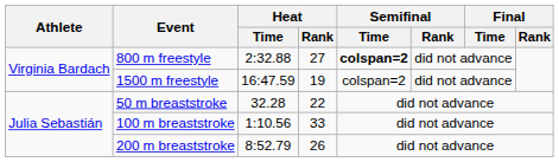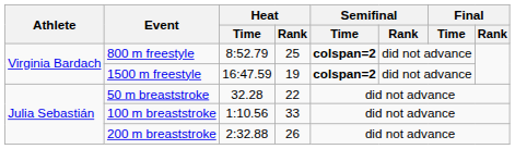 <table class=wikitable style=font-size:90%>
 <tr>
 <th rowspan=2>Athlete</th>
 <th rowspan=2>Event</th>
 <th colspan=2>Heat</th>
 <th colspan=2>Semifinal</th>
 <th colspan=2>Final</th>
 </tr>
 <tr style=font-size:95%>
 <th>Time</th>
 <th>Rank</th>
 <th>Time</th>
 <th>Rank</th>
 <th>Time</th>
 <th>Rank</th>
 </tr>
 <tr align=center>
 <td align=left rowspan=2><a href='#'>Virginia Bardach</a></td>
 <td align=left><a href='#'>800 m freestyle</a></td>
-<td>2:32.88</td>
-<td>27</td>
+<td>8:52.79</td>
+<td>25</td>
 <td><strong>colspan=2 </strong></td>
 <td colspan=2>did not advance</td>
 </tr>
 <tr align=center>
 <td align=left><a href='#'>1500 m freestyle</a></td>
 <td>16:47.59</td>
 <td>19</td>
-<td>colspan=2 </td>
+<td><strong>colspan=2 </strong></td>
 <td colspan=2>did not advance</td>
 </tr>
 <tr align=center>
 <td align=left rowspan=3><a href='#'>Julia Sebastián</a></td>
 <td align=left><a href='#'>50 m breaststroke</a></td>
 <td>32.28</td>
 <td>22</td>
 <td colspan=4>did not advance</td>
 </tr>
 <tr align=center>
 <td align=left><a href='#'>100 m breaststroke</a></td>
 <td>1:10.56</td>
 <td>33</td>
 <td colspan=4>did not advance</td>
 </tr>
 <tr align=center>
 <td align=left><a href='#'>200 m breaststroke</a></td>
-<td>8:52.79</td>
+<td>2:32.88</td>
 <td>26</td>
 <td colspan=4>did not advance</td>
 </tr>
 </table>
